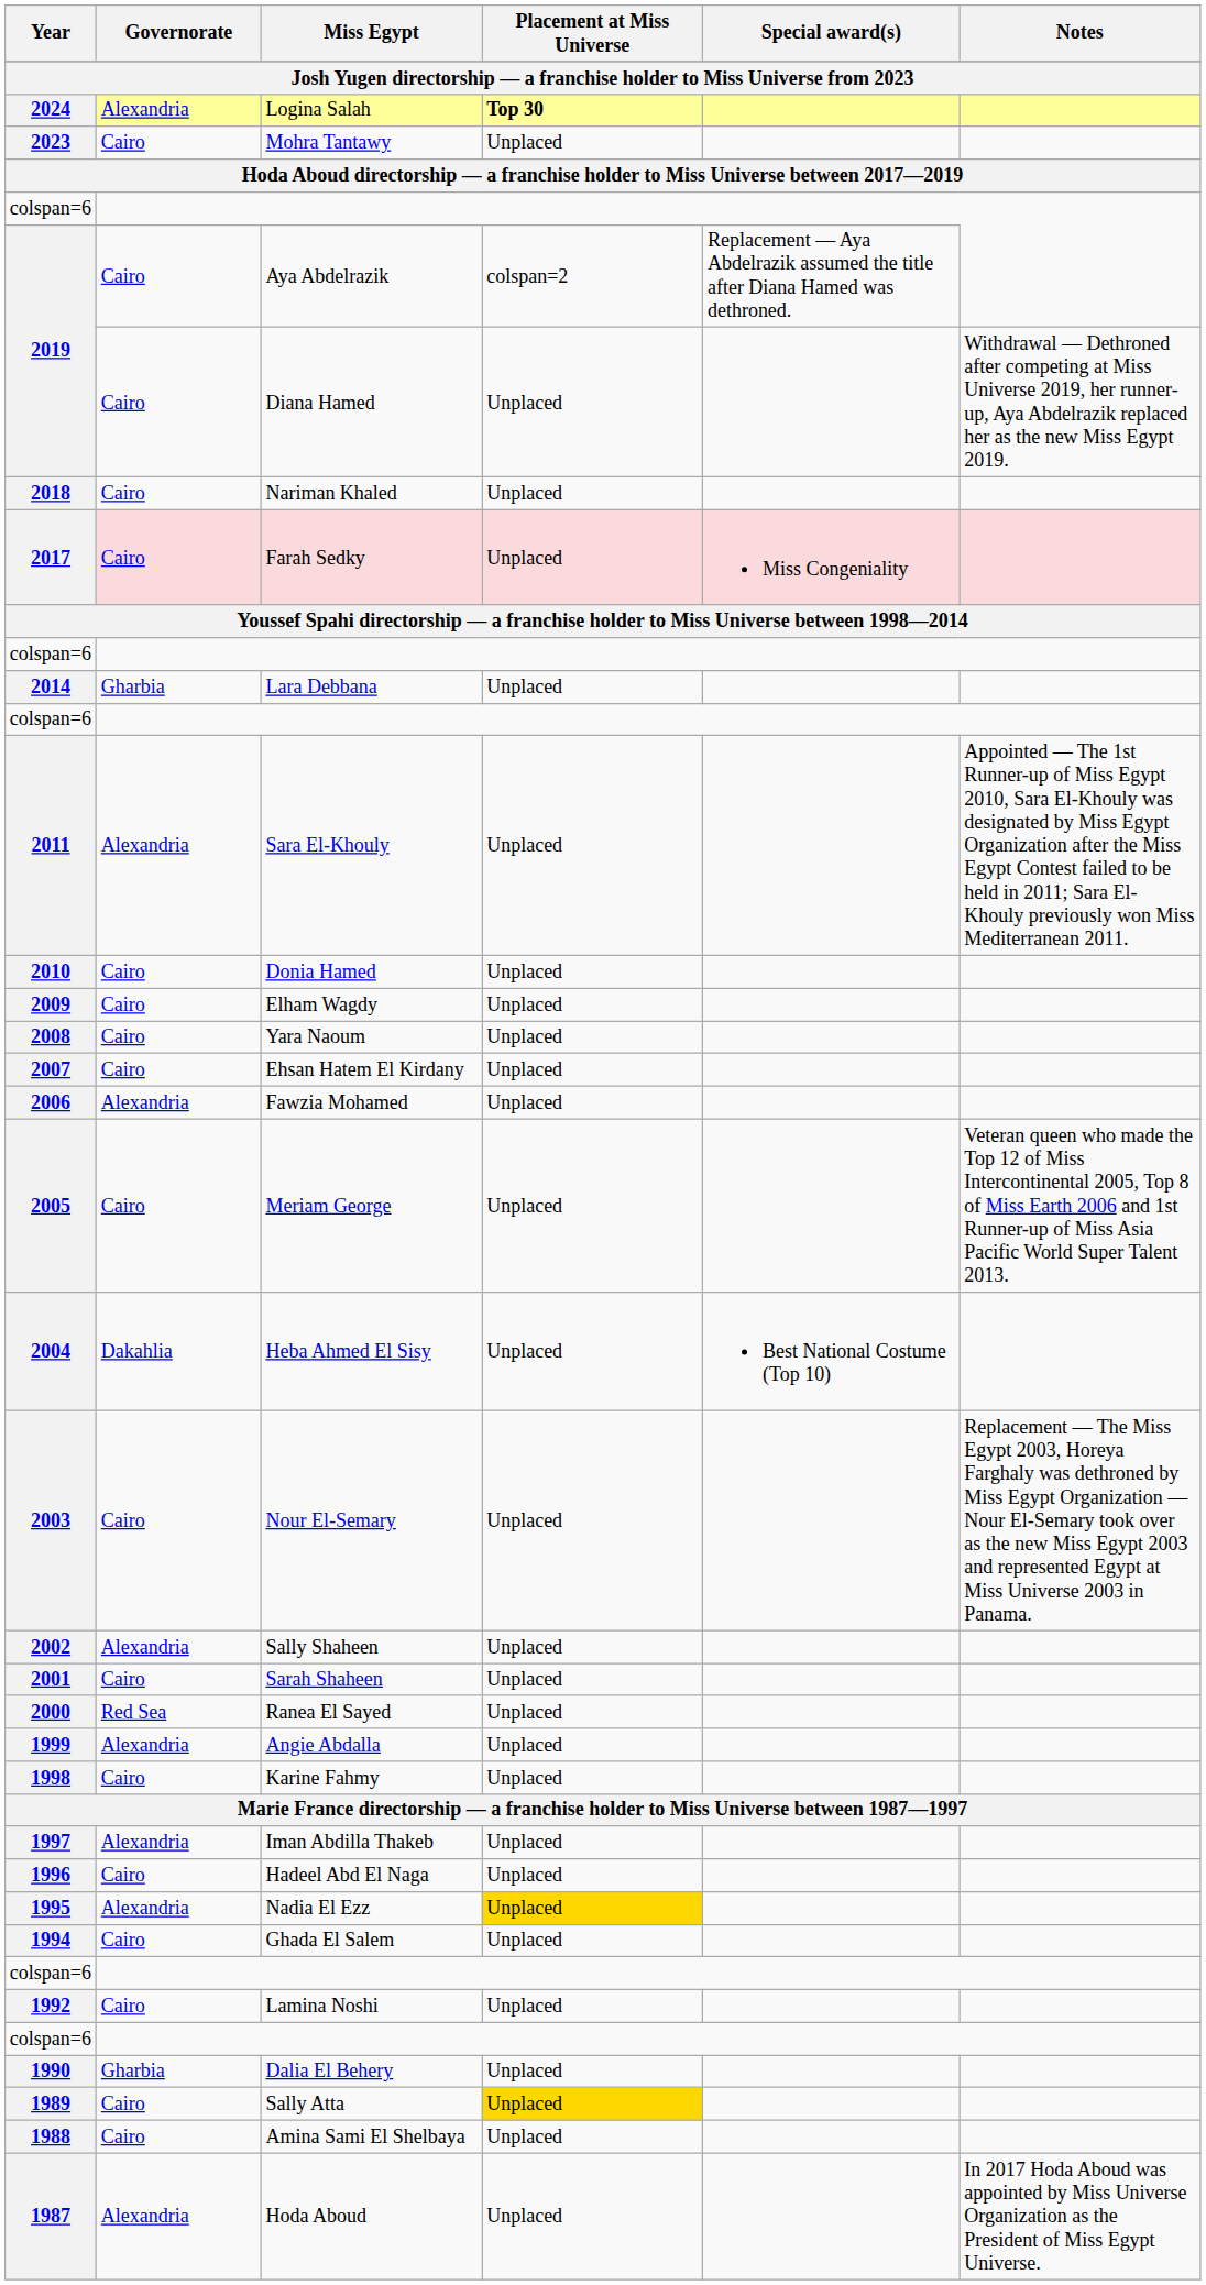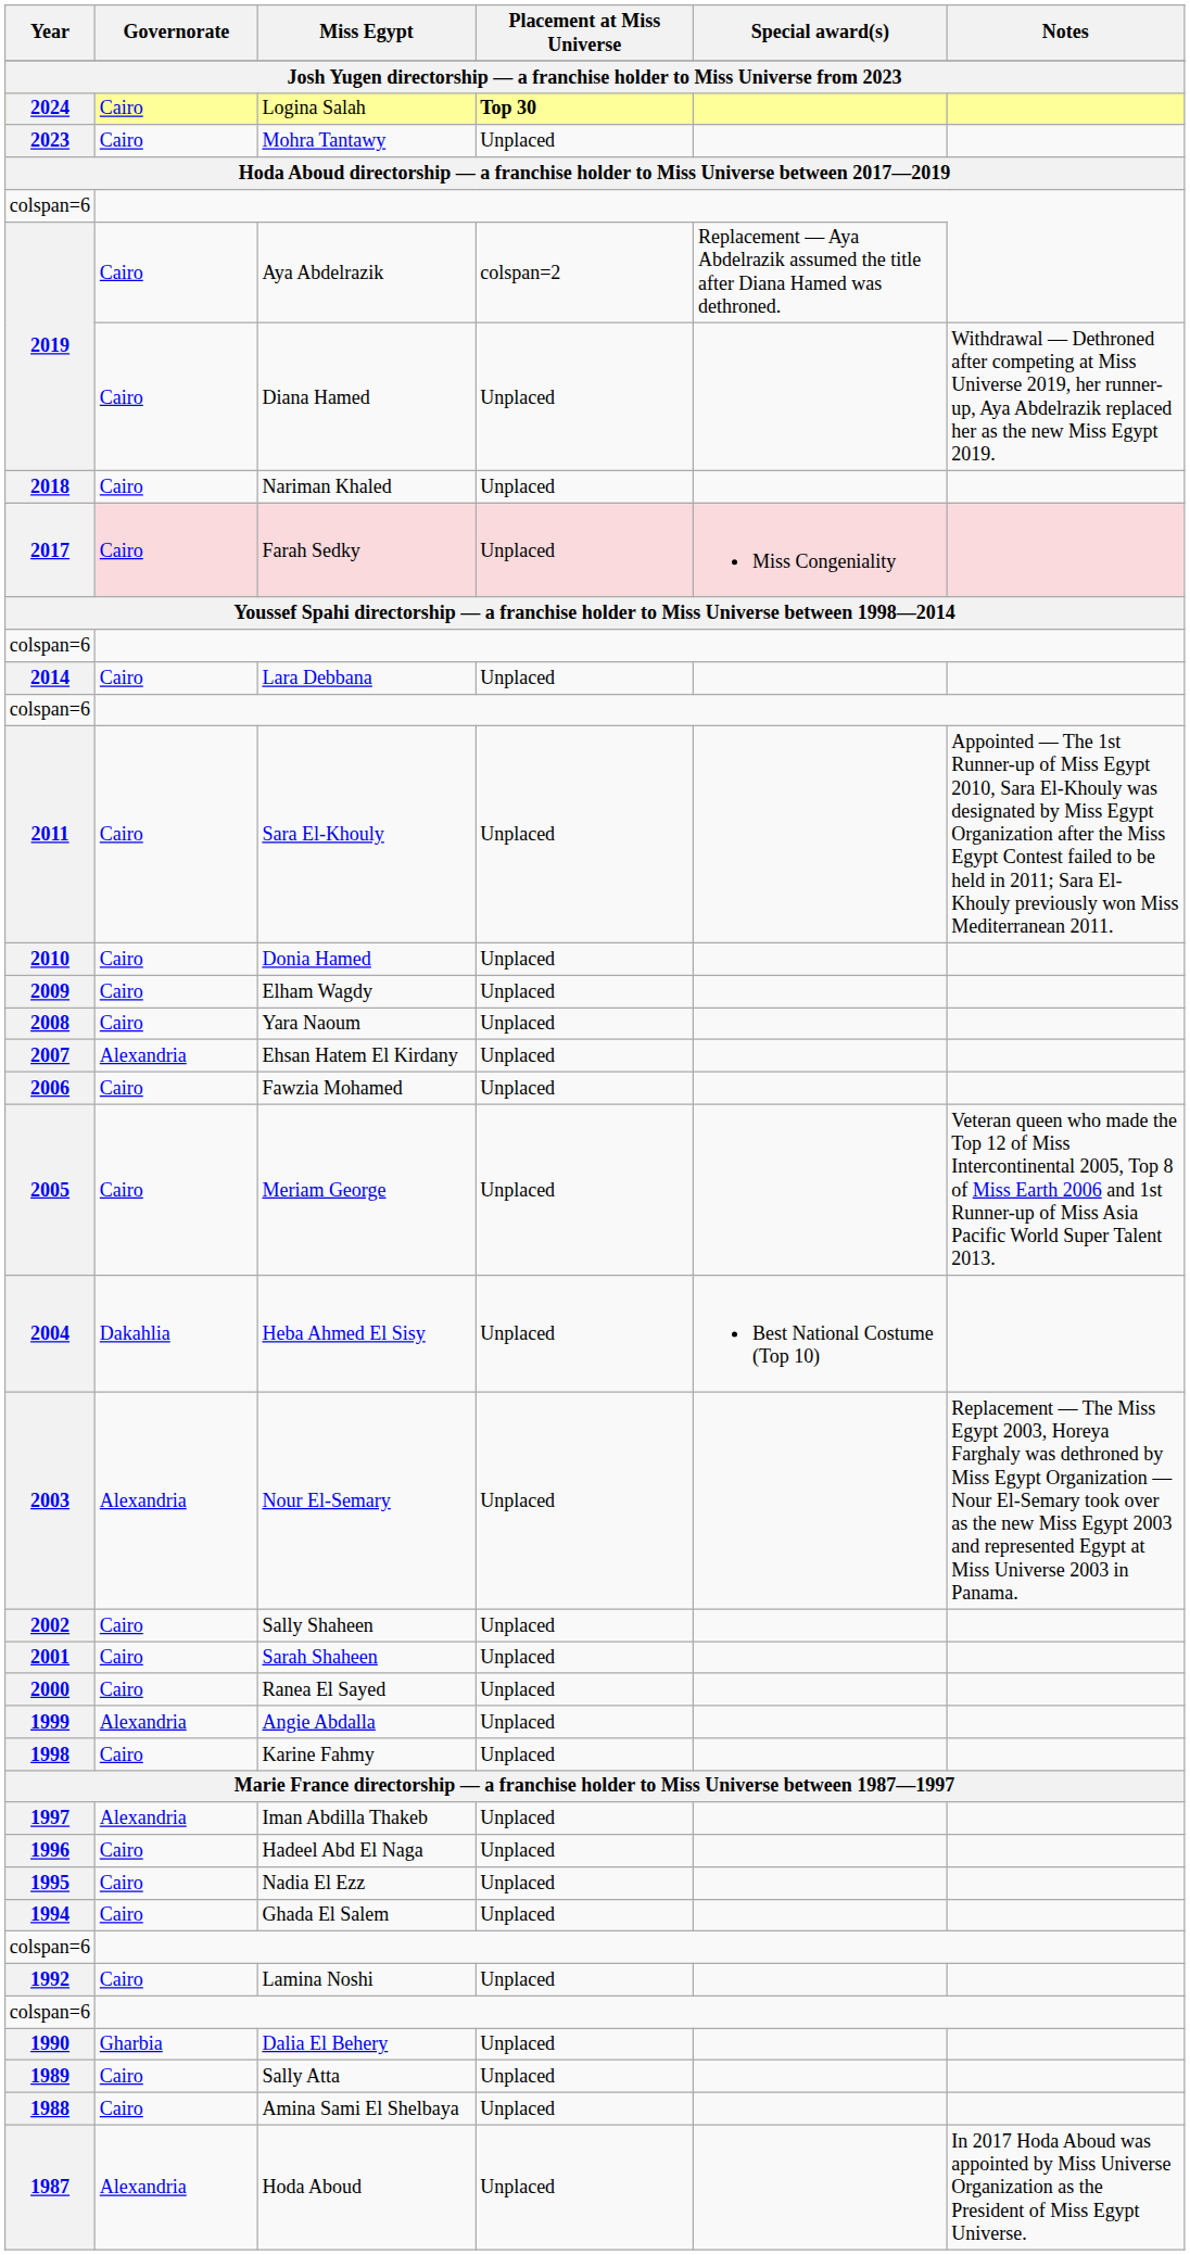 <table class="wikitable " style="font-size: 90%;">
 <tr>
 <th width="60">Year</th>
 <th width="150">Governorate</th>
 <th width="250">Miss Egypt</th>
 <th width="250">Placement at Miss Universe</th>
 <th width="250">Special award(s)</th>
 <th width="250">Notes</th>
 </tr>
 <tr>
 </tr>
 <tr>
 <th colspan="6">Josh Yugen directorship — a franchise holder to Miss Universe from 2023</th>
 </tr>
 <tr style="background-color:#FFFF99;">
 <th><a href='#'>2024</a></th>
-<td><a href='#'>Alexandria</a></td>
+<td><a href='#'>Cairo</a></td>
 <td>Logina Salah</td>
 <td><strong>Top 30</strong></td>
 <td></td>
 <td></td>
 </tr>
 <tr>
 <th><a href='#'>2023</a></th>
 <td><a href='#'>Cairo</a></td>
 <td><a href='#'>Mohra Tantawy</a></td>
 <td>Unplaced</td>
 <td></td>
 <td></td>
 </tr>
 <tr>
 <th colspan="6">Hoda Aboud directorship — a franchise holder to Miss Universe between 2017―2019</th>
 </tr>
 <tr>
 <td>colspan=6 </td>
 </tr>
 <tr>
 <th rowspan="2"><a href='#'>2019</a></th>
 <td><a href='#'>Cairo</a></td>
 <td>Aya Abdelrazik</td>
 <td>colspan=2 </td>
 <td>Replacement — Aya Abdelrazik assumed the title after Diana Hamed was dethroned.</td>
 </tr>
 <tr>
 <td><a href='#'>Cairo</a></td>
 <td>Diana Hamed</td>
 <td>Unplaced</td>
 <td></td>
 <td>Withdrawal — Dethroned after competing at Miss Universe 2019, her runner-up, Aya Abdelrazik replaced her as the new Miss Egypt 2019.</td>
 </tr>
 <tr>
 <th><a href='#'>2018</a></th>
 <td><a href='#'>Cairo</a></td>
 <td>Nariman Khaled</td>
 <td>Unplaced</td>
 <td></td>
 <td></td>
 </tr>
 <tr style="background-color:#FADADD; ">
 <th><a href='#'>2017</a></th>
 <td><a href='#'>Cairo</a></td>
 <td>Farah Sedky</td>
 <td>Unplaced</td>
 <td align="left"><br><ul><li>Miss Congeniality</li></ul></td>
 <td></td>
 </tr>
 <tr>
 <th colspan="6">Youssef Spahi directorship — a franchise holder to Miss Universe between 1998―2014</th>
 </tr>
 <tr>
 <td>colspan=6 </td>
 </tr>
 <tr>
 <th><a href='#'>2014</a></th>
-<td><a href='#'>Gharbia</a></td>
+<td><a href='#'>Cairo</a></td>
 <td><a href='#'>Lara Debbana</a></td>
 <td>Unplaced</td>
 <td></td>
 <td></td>
 </tr>
 <tr>
 <td>colspan=6 </td>
 </tr>
 <tr>
 <th><a href='#'>2011</a></th>
-<td><a href='#'>Alexandria</a></td>
+<td><a href='#'>Cairo</a></td>
 <td><a href='#'>Sara El-Khouly</a></td>
 <td>Unplaced</td>
 <td></td>
 <td>Appointed — The 1st Runner-up of Miss Egypt 2010, Sara El-Khouly was designated by Miss Egypt Organization after the Miss Egypt Contest failed to be held in 2011; Sara El-Khouly previously won Miss Mediterranean 2011.</td>
 </tr>
 <tr>
 <th><a href='#'>2010</a></th>
 <td><a href='#'>Cairo</a></td>
 <td><a href='#'>Donia Hamed</a></td>
 <td>Unplaced</td>
 <td></td>
 <td></td>
 </tr>
 <tr>
 <th><a href='#'>2009</a></th>
 <td><a href='#'>Cairo</a></td>
 <td>Elham Wagdy</td>
 <td>Unplaced</td>
 <td></td>
 <td></td>
 </tr>
 <tr>
 <th><a href='#'>2008</a></th>
 <td><a href='#'>Cairo</a></td>
 <td>Yara Naoum</td>
 <td>Unplaced</td>
 <td></td>
 <td></td>
 </tr>
 <tr>
 <th><a href='#'>2007</a></th>
-<td><a href='#'>Cairo</a></td>
+<td><a href='#'>Alexandria</a></td>
 <td>Ehsan Hatem El Kirdany</td>
 <td>Unplaced</td>
 <td></td>
 <td></td>
 </tr>
 <tr>
 <th><a href='#'>2006</a></th>
-<td><a href='#'>Alexandria</a></td>
+<td><a href='#'>Cairo</a></td>
 <td>Fawzia Mohamed</td>
 <td>Unplaced</td>
 <td></td>
 <td></td>
 </tr>
 <tr>
 <th><a href='#'>2005</a></th>
 <td><a href='#'>Cairo</a></td>
 <td><a href='#'>Meriam George</a></td>
 <td>Unplaced</td>
 <td></td>
 <td>Veteran queen who made the Top 12 of Miss Intercontinental 2005, Top 8 of <a href='#'>Miss Earth 2006</a> and 1st Runner-up of Miss Asia Pacific World Super Talent 2013.</td>
 </tr>
 <tr>
 <th><a href='#'>2004</a></th>
 <td><a href='#'>Dakahlia</a></td>
 <td><a href='#'>Heba Ahmed El Sisy</a></td>
 <td>Unplaced</td>
 <td align="left"><br><ul><li>Best National Costume (Top 10)</li></ul></td>
 <td></td>
 </tr>
 <tr>
 <th><a href='#'>2003</a></th>
-<td><a href='#'>Cairo</a></td>
+<td><a href='#'>Alexandria</a></td>
 <td><a href='#'>Nour El-Semary</a></td>
 <td>Unplaced</td>
 <td></td>
 <td>Replacement — The Miss Egypt 2003, Horeya Farghaly was dethroned by Miss Egypt Organization — Nour El-Semary took over as the new Miss Egypt 2003 and represented Egypt at Miss Universe 2003 in Panama.</td>
 </tr>
 <tr>
 <th><a href='#'>2002</a></th>
-<td><a href='#'>Alexandria</a></td>
+<td><a href='#'>Cairo</a></td>
 <td>Sally Shaheen</td>
 <td>Unplaced</td>
 <td></td>
 <td></td>
 </tr>
 <tr>
 <th><a href='#'>2001</a></th>
 <td><a href='#'>Cairo</a></td>
 <td><a href='#'>Sarah Shaheen</a></td>
 <td>Unplaced</td>
 <td></td>
 <td></td>
 </tr>
 <tr>
 <th><a href='#'>2000</a></th>
-<td><a href='#'>Red Sea</a></td>
+<td><a href='#'>Cairo</a></td>
 <td>Ranea El Sayed</td>
 <td>Unplaced</td>
 <td></td>
 <td></td>
 </tr>
 <tr>
 <th><a href='#'>1999</a></th>
 <td><a href='#'>Alexandria</a></td>
 <td><a href='#'>Angie Abdalla</a></td>
 <td>Unplaced</td>
 <td></td>
 <td></td>
 </tr>
 <tr>
 <th><a href='#'>1998</a></th>
 <td><a href='#'>Cairo</a></td>
 <td>Karine Fahmy</td>
 <td>Unplaced</td>
 <td></td>
 <td></td>
 </tr>
 <tr>
 <th colspan="6">Marie France directorship — a franchise holder to Miss Universe between 1987―1997</th>
 </tr>
 <tr>
 <th><a href='#'>1997</a></th>
 <td><a href='#'>Alexandria</a></td>
 <td>Iman Abdilla Thakeb</td>
 <td>Unplaced</td>
 <td></td>
 <td></td>
 </tr>
 <tr>
 <th><a href='#'>1996</a></th>
 <td><a href='#'>Cairo</a></td>
 <td>Hadeel Abd El Naga</td>
 <td>Unplaced</td>
 <td></td>
 <td></td>
 </tr>
 <tr>
 <th><a href='#'>1995</a></th>
-<td><a href='#'>Alexandria</a></td>
+<td><a href='#'>Cairo</a></td>
 <td>Nadia El Ezz</td>
-<td style="background: gold;">Unplaced</td>
+<td>Unplaced</td>
 <td></td>
 <td></td>
 </tr>
 <tr>
 <th><a href='#'>1994</a></th>
 <td><a href='#'>Cairo</a></td>
 <td>Ghada El Salem</td>
 <td>Unplaced</td>
 <td></td>
 <td></td>
 </tr>
 <tr>
 <td>colspan=6 </td>
 </tr>
 <tr>
 <th><a href='#'>1992</a></th>
 <td><a href='#'>Cairo</a></td>
 <td>Lamina Noshi</td>
 <td>Unplaced</td>
 <td></td>
 <td></td>
 </tr>
 <tr>
 <td>colspan=6 </td>
 </tr>
 <tr>
 <th><a href='#'>1990</a></th>
 <td><a href='#'>Gharbia</a></td>
 <td><a href='#'>Dalia El Behery</a></td>
 <td>Unplaced</td>
 <td></td>
 <td></td>
 </tr>
 <tr>
 <th><a href='#'>1989</a></th>
 <td><a href='#'>Cairo</a></td>
 <td>Sally Atta</td>
-<td style="background: gold;">Unplaced</td>
+<td>Unplaced</td>
 <td></td>
 <td></td>
 </tr>
 <tr>
 <th><a href='#'>1988</a></th>
 <td><a href='#'>Cairo</a></td>
 <td>Amina Sami El Shelbaya</td>
 <td>Unplaced</td>
 <td></td>
 <td></td>
 </tr>
 <tr>
 <th><a href='#'>1987</a></th>
 <td><a href='#'>Alexandria</a></td>
 <td>Hoda Aboud</td>
 <td>Unplaced</td>
 <td></td>
 <td>In 2017 Hoda Aboud was appointed by Miss Universe Organization as the President of Miss Egypt Universe.</td>
 </tr>
 </table>
